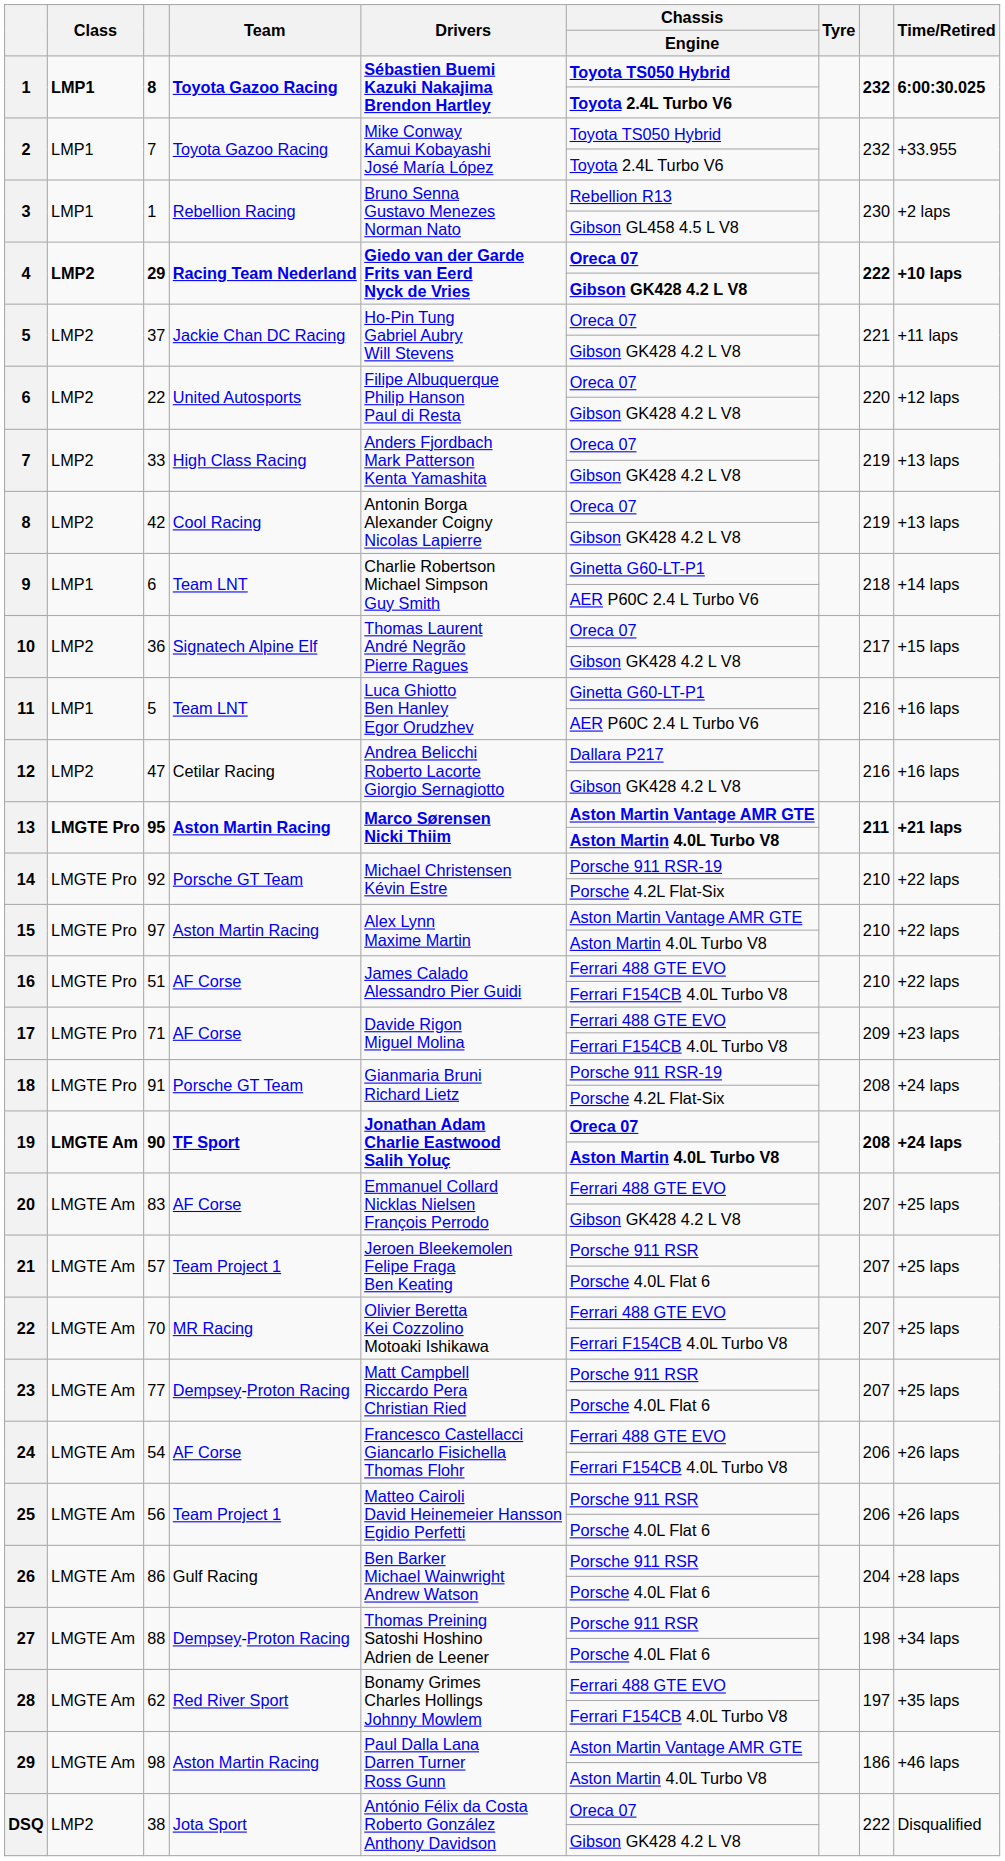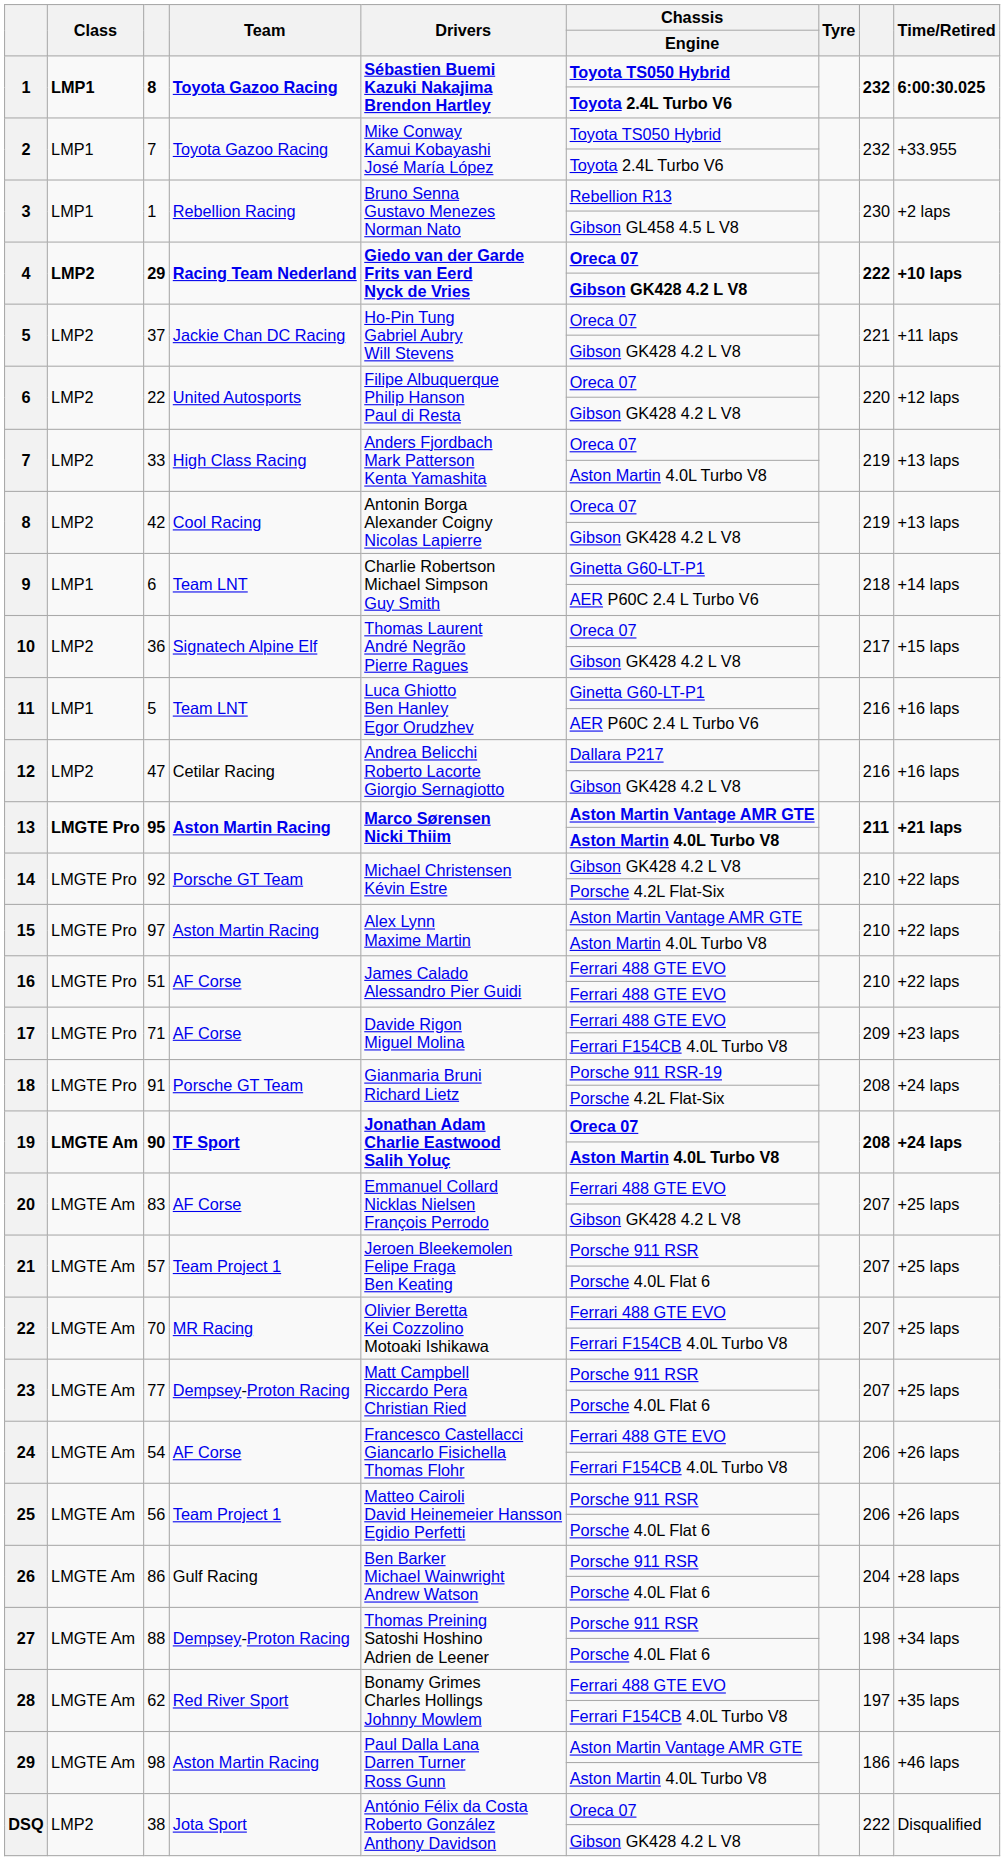 <table class="wikitable" style="font-size: 95%;">
 <tr>
 <th rowspan="2"></th>
 <th rowspan="2">Class</th>
 <th rowspan="2"></th>
 <th rowspan="2">Team</th>
 <th rowspan="2">Drivers</th>
 <th scope="col">Chassis</th>
 <th rowspan="2">Tyre</th>
 <th rowspan="2"></th>
 <th rowspan="2">Time/Retired</th>
 </tr>
 <tr>
 <th>Engine</th>
 </tr>
 <tr style="font-weight:bold">
 <th rowspan="2">1</th>
 <td rowspan="2">LMP1</td>
 <td rowspan="2">8</td>
 <td rowspan="2"> <a href='#'>Toyota Gazoo Racing</a></td>
 <td rowspan="2"> <a href='#'>Sébastien Buemi</a><br> <a href='#'>Kazuki Nakajima</a><br> <a href='#'>Brendon Hartley</a></td>
 <td><a href='#'>Toyota TS050 Hybrid</a></td>
 <td rowspan="2"></td>
 <td rowspan="2">232</td>
 <td rowspan="2">6:00:30.025</td>
 </tr>
 <tr>
 <td><strong><a href='#'>Toyota</a> 2.4L Turbo V6</strong></td>
 </tr>
 <tr>
 <th rowspan="2">2</th>
 <td rowspan="2">LMP1</td>
 <td rowspan="2">7</td>
 <td rowspan="2"> <a href='#'>Toyota Gazoo Racing</a></td>
 <td rowspan="2"> <a href='#'>Mike Conway</a><br> <a href='#'>Kamui Kobayashi</a><br> <a href='#'>José María López</a></td>
 <td><a href='#'>Toyota TS050 Hybrid</a></td>
 <td rowspan="2"></td>
 <td rowspan="2">232</td>
 <td rowspan="2">+33.955</td>
 </tr>
 <tr>
 <td><a href='#'>Toyota</a> 2.4L Turbo V6</td>
 </tr>
 <tr>
 <th rowspan="2">3</th>
 <td rowspan="2">LMP1</td>
 <td rowspan="2">1</td>
 <td rowspan="2"> <a href='#'>Rebellion Racing</a></td>
 <td rowspan="2"> <a href='#'>Bruno Senna</a><br> <a href='#'>Gustavo Menezes</a><br> <a href='#'>Norman Nato</a></td>
 <td><a href='#'>Rebellion R13</a></td>
 <td rowspan="2"></td>
 <td rowspan="2">230</td>
 <td rowspan="2">+2 laps</td>
 </tr>
 <tr>
 <td><a href='#'>Gibson</a> GL458 4.5 L V8</td>
 </tr>
 <tr>
 <th rowspan="2">4</th>
 <td rowspan="2"><strong>LMP2</strong></td>
 <td rowspan="2"><strong>29</strong></td>
 <td rowspan="2"><strong> <a href='#'>Racing Team Nederland</a></strong></td>
 <td rowspan="2"><strong> <a href='#'>Giedo van der Garde</a><br> <a href='#'>Frits van Eerd</a> <br> <a href='#'>Nyck de Vries</a></strong></td>
 <td><strong><a href='#'>Oreca 07</a></strong></td>
 <td rowspan="2"></td>
 <td rowspan="2"><strong>222</strong></td>
 <td rowspan="2"><strong>+10 laps</strong></td>
 </tr>
 <tr>
 <td><strong><a href='#'>Gibson</a> GK428 4.2 L V8</strong></td>
 </tr>
 <tr>
 <th rowspan="2"><strong>5</strong></th>
 <td rowspan="2">LMP2</td>
 <td rowspan="2">37</td>
 <td rowspan="2"> <a href='#'>Jackie Chan DC Racing</a></td>
 <td rowspan="2"> <a href='#'>Ho-Pin Tung</a><br> <a href='#'>Gabriel Aubry</a><br> <a href='#'>Will Stevens</a></td>
 <td><a href='#'>Oreca 07</a></td>
 <td rowspan="2"></td>
 <td rowspan="2">221</td>
 <td rowspan="2">+11 laps</td>
 </tr>
 <tr>
 <td><a href='#'>Gibson</a> GK428 4.2 L V8</td>
 </tr>
 <tr>
 <th rowspan="2"><strong>6</strong></th>
 <td rowspan="2">LMP2</td>
 <td rowspan="2">22</td>
 <td rowspan="2"> <a href='#'>United Autosports</a></td>
 <td rowspan="2"> <a href='#'>Filipe Albuquerque</a><br> <a href='#'>Philip Hanson</a><br> <a href='#'>Paul di Resta</a></td>
 <td><a href='#'>Oreca 07</a></td>
 <td rowspan="2"></td>
 <td rowspan="2">220</td>
 <td rowspan="2">+12 laps</td>
 </tr>
 <tr>
 <td><a href='#'>Gibson</a> GK428 4.2 L V8</td>
 </tr>
 <tr>
 <th rowspan="2">7</th>
 <td rowspan="2">LMP2</td>
 <td rowspan="2">33</td>
 <td rowspan="2"> <a href='#'>High Class Racing</a></td>
 <td rowspan="2"> <a href='#'>Anders Fjordbach</a><br> <a href='#'>Mark Patterson</a><br> <a href='#'>Kenta Yamashita</a></td>
 <td><a href='#'>Oreca 07</a></td>
 <td rowspan="2"></td>
 <td rowspan="2">219</td>
 <td rowspan="2">+13 laps</td>
 </tr>
 <tr>
-<td><a href='#'>Gibson</a> GK428 4.2 L V8</td>
+<td><a href='#'>Aston Martin</a> 4.0L Turbo V8</td>
 </tr>
 <tr>
 <th rowspan="2">8</th>
 <td rowspan="2">LMP2</td>
 <td rowspan="2">42</td>
 <td rowspan="2"> <a href='#'>Cool Racing</a></td>
 <td rowspan="2"> Antonin Borga<br> Alexander Coigny<br> <a href='#'>Nicolas Lapierre</a></td>
 <td><a href='#'>Oreca 07</a></td>
 <td rowspan="2"></td>
 <td rowspan="2">219</td>
 <td rowspan="2">+13 laps</td>
 </tr>
 <tr>
 <td><a href='#'>Gibson</a> GK428 4.2 L V8</td>
 </tr>
 <tr>
 <th rowspan="2">9</th>
 <td rowspan="2">LMP1</td>
 <td rowspan="2">6</td>
 <td rowspan="2"> <a href='#'>Team LNT</a></td>
 <td rowspan="2"> Charlie Robertson<br> Michael Simpson<br> <a href='#'>Guy Smith</a></td>
 <td><a href='#'>Ginetta G60-LT-P1</a></td>
 <td rowspan="2"></td>
 <td rowspan="2">218</td>
 <td rowspan="2">+14 laps</td>
 </tr>
 <tr>
 <td><a href='#'>AER</a> P60C 2.4 L Turbo V6</td>
 </tr>
 <tr>
 <th rowspan="2">10</th>
 <td rowspan="2">LMP2</td>
 <td rowspan="2">36</td>
 <td rowspan="2"> <a href='#'>Signatech Alpine Elf</a></td>
 <td rowspan="2"> <a href='#'>Thomas Laurent</a><br> <a href='#'>André Negrão</a><br> <a href='#'>Pierre Ragues</a></td>
 <td><a href='#'>Oreca 07</a></td>
 <td rowspan="2"></td>
 <td rowspan="2">217</td>
 <td rowspan="2">+15 laps</td>
 </tr>
 <tr>
 <td><a href='#'>Gibson</a> GK428 4.2 L V8</td>
 </tr>
 <tr>
 <th rowspan="2"><strong>11</strong></th>
 <td rowspan="2">LMP1</td>
 <td rowspan="2">5</td>
 <td rowspan="2"> <a href='#'>Team LNT</a></td>
 <td rowspan="2"> <a href='#'>Luca Ghiotto</a><br> <a href='#'>Ben Hanley</a><br> <a href='#'>Egor Orudzhev</a></td>
 <td><a href='#'>Ginetta G60-LT-P1</a></td>
 <td rowspan="2"></td>
 <td rowspan="2">216</td>
 <td rowspan="2">+16 laps</td>
 </tr>
 <tr>
 <td><a href='#'>AER</a> P60C 2.4 L Turbo V6</td>
 </tr>
 <tr>
 <th rowspan="2">12</th>
 <td rowspan="2">LMP2</td>
 <td rowspan="2">47</td>
 <td rowspan="2"> Cetilar Racing</td>
 <td rowspan="2"> <a href='#'>Andrea Belicchi</a><br> <a href='#'>Roberto Lacorte</a><br> <a href='#'>Giorgio Sernagiotto</a></td>
 <td><a href='#'>Dallara P217</a></td>
 <td rowspan="2"></td>
 <td rowspan="2">216</td>
 <td rowspan="2">+16 laps</td>
 </tr>
 <tr>
 <td><a href='#'>Gibson</a> GK428 4.2 L V8</td>
 </tr>
 <tr>
 <th rowspan="2"><strong>13</strong></th>
 <td rowspan="2"><strong>LMGTE Pro</strong></td>
 <td rowspan="2"><strong>95</strong></td>
 <td rowspan="2"><strong> <a href='#'>Aston Martin Racing</a></strong></td>
 <td rowspan="2"><strong> <a href='#'>Marco Sørensen</a></strong><br><strong> <a href='#'>Nicki Thiim</a></strong></td>
 <td><a href='#'><strong>Aston Martin Vantage AMR GTE</strong></a></td>
 <td rowspan="2"></td>
 <td rowspan="2"><strong>211</strong></td>
 <td rowspan="2"><strong>+21 laps</strong></td>
 </tr>
 <tr>
 <td><strong><a href='#'>Aston Martin</a> 4.0L Turbo V8</strong></td>
 </tr>
 <tr>
 <th rowspan="2">14</th>
 <td rowspan="2">LMGTE Pro</td>
 <td rowspan="2">92</td>
 <td rowspan="2"> <a href='#'>Porsche GT Team</a></td>
 <td rowspan="2"> <a href='#'>Michael Christensen</a><br> <a href='#'>Kévin Estre</a></td>
-<td><a href='#'>Porsche 911 RSR-19</a></td>
+<td><a href='#'>Gibson</a> GK428 4.2 L V8</td>
 <td rowspan="2"></td>
 <td rowspan="2">210</td>
 <td rowspan="2">+22 laps</td>
 </tr>
 <tr>
 <td><a href='#'>Porsche</a> 4.2L Flat-Six</td>
 </tr>
 <tr>
 <th rowspan="2">15</th>
 <td rowspan="2">LMGTE Pro</td>
 <td rowspan="2">97</td>
 <td rowspan="2"> <a href='#'>Aston Martin Racing</a></td>
 <td rowspan="2"> <a href='#'>Alex Lynn</a><br> <a href='#'>Maxime Martin</a></td>
 <td><a href='#'>Aston Martin Vantage AMR GTE</a></td>
 <td rowspan="2"></td>
 <td rowspan="2">210</td>
 <td rowspan="2">+22 laps</td>
 </tr>
 <tr>
 <td><a href='#'>Aston Martin</a> 4.0L Turbo V8</td>
 </tr>
 <tr>
 <th rowspan="2">16</th>
 <td rowspan="2">LMGTE Pro</td>
 <td rowspan="2">51</td>
 <td rowspan="2"> <a href='#'>AF Corse</a></td>
 <td rowspan="2"> <a href='#'>James Calado</a><br> <a href='#'>Alessandro Pier Guidi</a></td>
 <td><a href='#'>Ferrari 488 GTE EVO</a></td>
 <td rowspan="2"></td>
 <td rowspan="2">210</td>
 <td rowspan="2">+22 laps</td>
 </tr>
 <tr>
-<td><a href='#'>Ferrari F154CB</a> 4.0L Turbo V8</td>
+<td><a href='#'>Ferrari 488 GTE EVO</a></td>
 </tr>
 <tr>
 <th rowspan="2">17</th>
 <td rowspan="2">LMGTE Pro</td>
 <td rowspan="2">71</td>
 <td rowspan="2"> <a href='#'>AF Corse</a></td>
 <td rowspan="2"> <a href='#'>Davide Rigon</a><br> <a href='#'>Miguel Molina</a></td>
 <td><a href='#'>Ferrari 488 GTE EVO</a></td>
 <td rowspan="2"></td>
 <td rowspan="2">209</td>
 <td rowspan="2">+23 laps</td>
 </tr>
 <tr>
 <td><a href='#'>Ferrari F154CB</a> 4.0L Turbo V8</td>
 </tr>
 <tr>
 <th rowspan="2">18</th>
 <td rowspan="2">LMGTE Pro</td>
 <td rowspan="2">91</td>
 <td rowspan="2"> <a href='#'>Porsche GT Team</a></td>
 <td rowspan="2"> <a href='#'>Gianmaria Bruni</a><br> <a href='#'>Richard Lietz</a></td>
 <td><a href='#'>Porsche 911 RSR-19</a></td>
 <td rowspan="2"></td>
 <td rowspan="2">208</td>
 <td rowspan="2">+24 laps</td>
 </tr>
 <tr>
 <td><a href='#'>Porsche</a> 4.2L Flat-Six</td>
 </tr>
 <tr>
 <th rowspan="2"><strong>19</strong></th>
 <td rowspan="2"><strong>LMGTE Am</strong></td>
 <td rowspan="2"><strong>90</strong></td>
 <td rowspan="2"><strong> <a href='#'>TF Sport</a></strong></td>
 <td rowspan="2"><strong> <a href='#'>Jonathan Adam</a></strong><br><strong> <a href='#'>Charlie Eastwood</a></strong><br><strong> <a href='#'>Salih Yoluç</a></strong></td>
 <td><strong><a href='#'>Oreca 07</a></strong></td>
 <td rowspan="2"></td>
 <td rowspan="2"><strong>208</strong></td>
 <td rowspan="2"><strong>+24 laps</strong></td>
 </tr>
 <tr>
 <td><strong><a href='#'>Aston Martin</a> 4.0L Turbo V8</strong></td>
 </tr>
 <tr>
 <th rowspan="2">20</th>
 <td rowspan="2">LMGTE Am</td>
 <td rowspan="2">83</td>
 <td rowspan="2"> <a href='#'>AF Corse</a></td>
 <td rowspan="2"> <a href='#'>Emmanuel Collard</a><br> <a href='#'>Nicklas Nielsen</a><br> <a href='#'>François Perrodo</a></td>
 <td><a href='#'>Ferrari 488 GTE EVO</a></td>
 <td rowspan="2"></td>
 <td rowspan="2">207</td>
 <td rowspan="2">+25 laps</td>
 </tr>
 <tr>
 <td><a href='#'>Gibson</a> GK428 4.2 L V8</td>
 </tr>
 <tr>
 <th rowspan="2">21</th>
 <td rowspan="2">LMGTE Am</td>
 <td rowspan="2">57</td>
 <td rowspan="2"> <a href='#'>Team Project 1</a></td>
 <td rowspan="2"> <a href='#'>Jeroen Bleekemolen</a><br> <a href='#'>Felipe Fraga</a><br> <a href='#'>Ben Keating</a></td>
 <td><a href='#'>Porsche 911 RSR</a></td>
 <td rowspan="2"></td>
 <td rowspan="2">207</td>
 <td rowspan="2">+25 laps</td>
 </tr>
 <tr>
 <td><a href='#'>Porsche</a> 4.0L Flat 6</td>
 </tr>
 <tr>
 <th rowspan="2">22</th>
 <td rowspan="2">LMGTE Am</td>
 <td rowspan="2">70</td>
 <td rowspan="2"> <a href='#'>MR Racing</a></td>
 <td rowspan="2"> <a href='#'>Olivier Beretta</a><br> <a href='#'>Kei Cozzolino</a><br> Motoaki Ishikawa</td>
 <td><a href='#'>Ferrari 488 GTE EVO</a></td>
 <td rowspan="2"></td>
 <td rowspan="2">207</td>
 <td rowspan="2">+25 laps</td>
 </tr>
 <tr>
 <td><a href='#'>Ferrari F154CB</a> 4.0L Turbo V8</td>
 </tr>
 <tr>
 <th rowspan="2">23</th>
 <td rowspan="2">LMGTE Am</td>
 <td rowspan="2">77</td>
 <td rowspan="2"> <a href='#'>Dempsey</a>-<a href='#'>Proton Racing</a></td>
 <td rowspan="2"> <a href='#'>Matt Campbell</a><br> <a href='#'>Riccardo Pera</a><br> <a href='#'>Christian Ried</a></td>
 <td><a href='#'>Porsche 911 RSR</a></td>
 <td rowspan="2"></td>
 <td rowspan="2">207</td>
 <td rowspan="2">+25 laps</td>
 </tr>
 <tr>
 <td><a href='#'>Porsche</a> 4.0L Flat 6</td>
 </tr>
 <tr>
 <th rowspan="2">24</th>
 <td rowspan="2">LMGTE Am</td>
 <td rowspan="2">54</td>
 <td rowspan="2"> <a href='#'>AF Corse</a></td>
 <td rowspan="2"> <a href='#'>Francesco Castellacci</a><br> <a href='#'>Giancarlo Fisichella</a><br> <a href='#'>Thomas Flohr</a></td>
 <td><a href='#'>Ferrari 488 GTE EVO</a></td>
 <td rowspan="2"></td>
 <td rowspan="2">206</td>
 <td rowspan="2">+26 laps</td>
 </tr>
 <tr>
 <td><a href='#'>Ferrari F154CB</a> 4.0L Turbo V8</td>
 </tr>
 <tr>
 <th rowspan="2">25</th>
 <td rowspan="2">LMGTE Am</td>
 <td rowspan="2">56</td>
 <td rowspan="2"> <a href='#'>Team Project 1</a></td>
 <td rowspan="2"> <a href='#'>Matteo Cairoli</a><br> <a href='#'>David Heinemeier Hansson</a><br> <a href='#'>Egidio Perfetti</a></td>
 <td><a href='#'>Porsche 911 RSR</a></td>
 <td rowspan="2"></td>
 <td rowspan="2">206</td>
 <td rowspan="2">+26 laps</td>
 </tr>
 <tr>
 <td><a href='#'>Porsche</a> 4.0L Flat 6</td>
 </tr>
 <tr>
 <th rowspan="2">26</th>
 <td rowspan="2">LMGTE Am</td>
 <td rowspan="2">86</td>
 <td rowspan="2"> Gulf Racing</td>
 <td rowspan="2"> <a href='#'>Ben Barker</a><br> <a href='#'>Michael Wainwright</a><br> <a href='#'>Andrew Watson</a></td>
 <td><a href='#'>Porsche 911 RSR</a></td>
 <td rowspan="2"></td>
 <td rowspan="2">204</td>
 <td rowspan="2">+28 laps</td>
 </tr>
 <tr>
 <td><a href='#'>Porsche</a> 4.0L Flat 6</td>
 </tr>
 <tr>
 <th rowspan="2">27</th>
 <td rowspan="2">LMGTE Am</td>
 <td rowspan="2">88</td>
 <td rowspan="2"> <a href='#'>Dempsey</a>-<a href='#'>Proton Racing</a></td>
 <td rowspan="2"> <a href='#'>Thomas Preining</a><br> Satoshi Hoshino<br> Adrien de Leener</td>
 <td><a href='#'>Porsche 911 RSR</a></td>
 <td rowspan="2"></td>
 <td rowspan="2">198</td>
 <td rowspan="2">+34 laps</td>
 </tr>
 <tr>
 <td><a href='#'>Porsche</a> 4.0L Flat 6</td>
 </tr>
 <tr>
 <th rowspan="2">28</th>
 <td rowspan="2">LMGTE Am</td>
 <td rowspan="2">62</td>
 <td rowspan="2"> <a href='#'>Red River Sport</a></td>
 <td rowspan="2"> Bonamy Grimes<br> Charles Hollings<br> <a href='#'>Johnny Mowlem</a></td>
 <td><a href='#'>Ferrari 488 GTE EVO</a></td>
 <td rowspan="2"></td>
 <td rowspan="2">197</td>
 <td rowspan="2">+35 laps</td>
 </tr>
 <tr>
 <td><a href='#'>Ferrari F154CB</a> 4.0L Turbo V8</td>
 </tr>
 <tr>
 <th rowspan="2">29</th>
 <td rowspan="2">LMGTE Am</td>
 <td rowspan="2">98</td>
 <td rowspan="2"> <a href='#'>Aston Martin Racing</a></td>
 <td rowspan="2"> <a href='#'>Paul Dalla Lana</a><br> <a href='#'>Darren Turner</a><br> <a href='#'>Ross Gunn</a></td>
 <td><a href='#'>Aston Martin Vantage AMR GTE</a></td>
 <td rowspan="2"></td>
 <td rowspan="2">186</td>
 <td rowspan="2">+46 laps</td>
 </tr>
 <tr>
 <td><a href='#'>Aston Martin</a> 4.0L Turbo V8</td>
 </tr>
 <tr>
 <th rowspan="2">DSQ</th>
 <td rowspan="2">LMP2</td>
 <td rowspan="2">38</td>
 <td rowspan="2"> <a href='#'>Jota Sport</a></td>
 <td rowspan="2"> <a href='#'>António Félix da Costa</a><br> <a href='#'>Roberto González</a><br> <a href='#'>Anthony Davidson</a></td>
 <td><a href='#'>Oreca 07</a></td>
 <td rowspan="2"></td>
 <td rowspan="2">222</td>
 <td rowspan="2">Disqualified</td>
 </tr>
 <tr>
 <td><a href='#'>Gibson</a> GK428 4.2 L V8</td>
 </tr>
 </table>
